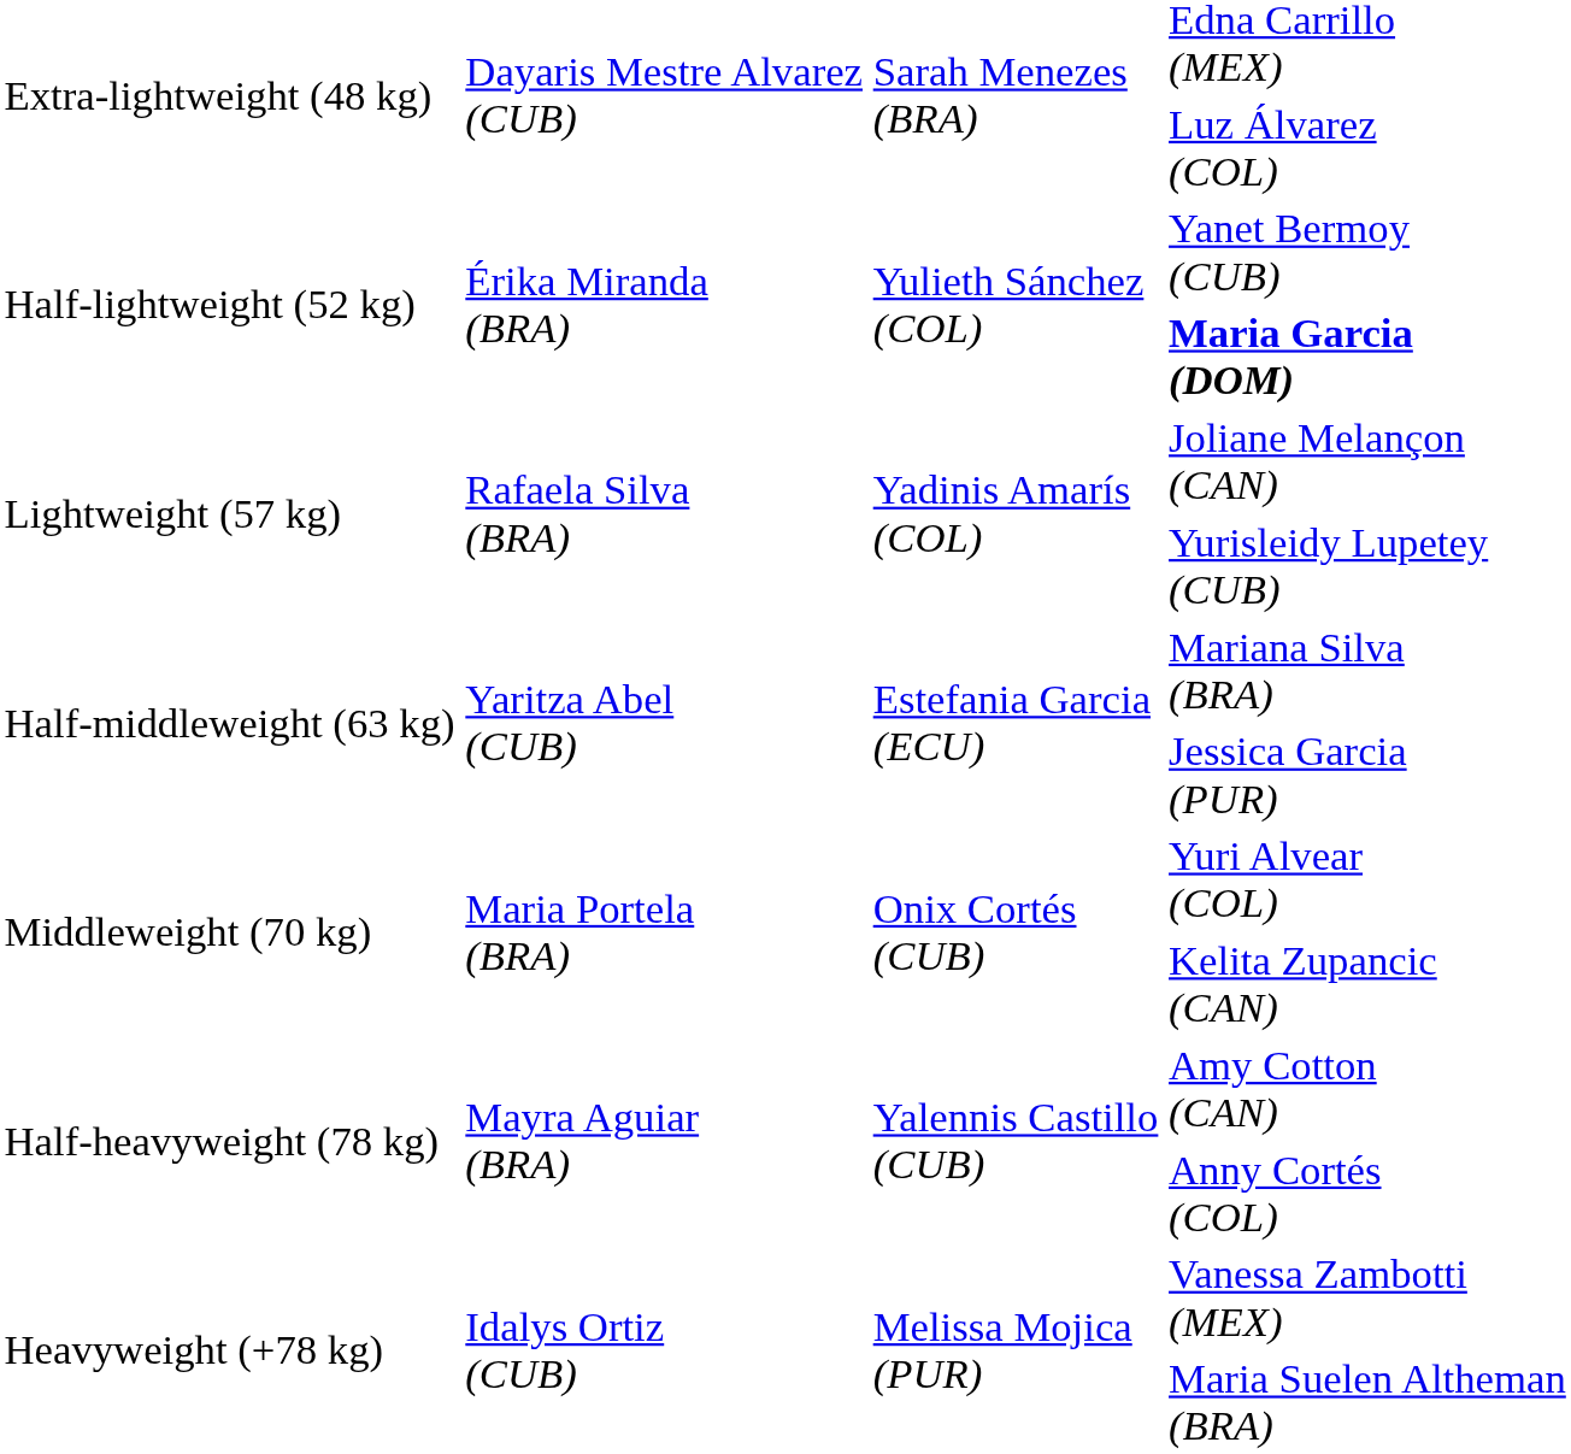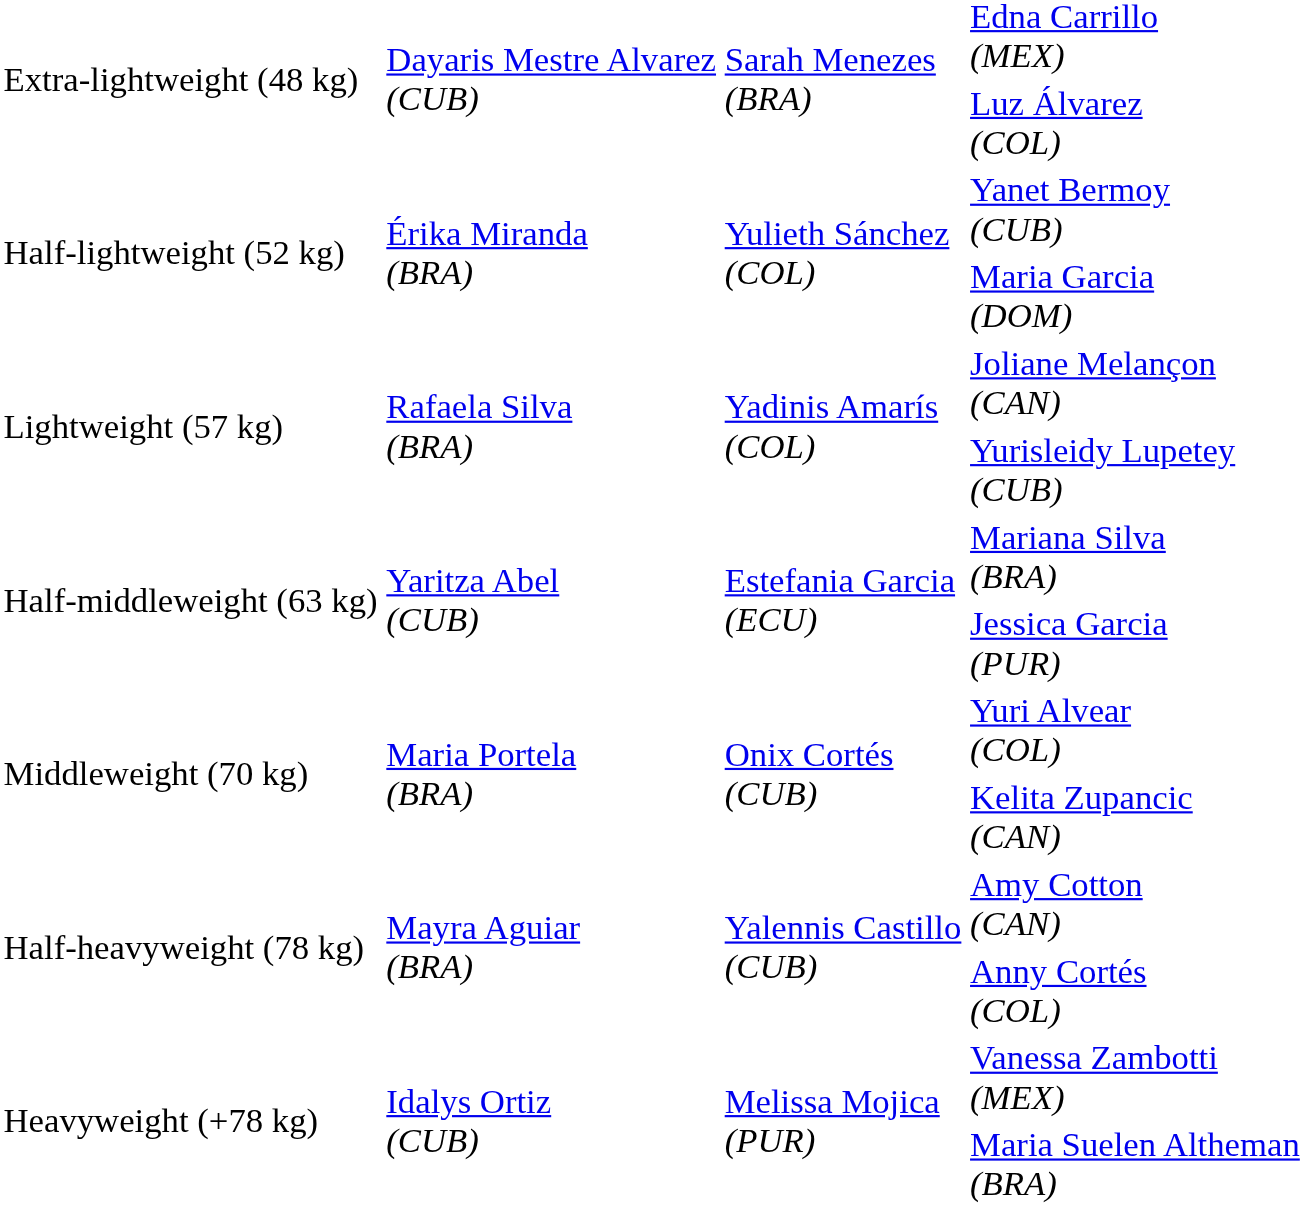 <table>
 <tr>
 <td rowspan=2>Extra-lightweight (48 kg)</td>
 <td rowspan=2><a href='#'>Dayaris Mestre Alvarez</a><br> <em> (CUB)</em></td>
 <td rowspan=2><a href='#'>Sarah Menezes</a> <br> <em> (BRA)</em></td>
 <td><a href='#'>Edna Carrillo</a> <br> <em> (MEX)</em></td>
 </tr>
 <tr>
 <td><a href='#'>Luz Álvarez</a> <br> <em> (COL)</em></td>
 </tr>
 <tr>
 <td rowspan=2>Half-lightweight (52 kg)</td>
 <td rowspan=2><a href='#'>Érika Miranda</a><br> <em> (BRA)</em></td>
 <td rowspan=2><a href='#'>Yulieth Sánchez</a> <br> <em> (COL)</em></td>
 <td><a href='#'>Yanet Bermoy</a> <br> <em> (CUB)</em></td>
 </tr>
 <tr>
-<td><strong><a href='#'>Maria Garcia</a> <br> <em> (DOM)</em></strong></td>
+<td><a href='#'>Maria Garcia</a> <br> <em> (DOM)</em></td>
 </tr>
 <tr>
 <td rowspan=2>Lightweight (57 kg)</td>
 <td rowspan=2><a href='#'>Rafaela Silva</a><br> <em> (BRA)</em></td>
 <td rowspan=2><a href='#'>Yadinis Amarís</a> <br> <em> (COL)</em></td>
 <td><a href='#'>Joliane Melançon</a> <br> <em> (CAN)</em></td>
 </tr>
 <tr>
 <td><a href='#'>Yurisleidy Lupetey</a> <br> <em> (CUB)</em></td>
 </tr>
 <tr>
 <td rowspan=2>Half-middleweight (63 kg)</td>
 <td rowspan=2><a href='#'>Yaritza Abel</a><br> <em> (CUB)</em></td>
 <td rowspan=2><a href='#'>Estefania Garcia</a> <br> <em> (ECU)</em></td>
 <td><a href='#'>Mariana Silva</a> <br> <em> (BRA)</em></td>
 </tr>
 <tr>
 <td><a href='#'>Jessica Garcia</a> <br> <em> (PUR)</em></td>
 </tr>
 <tr>
 <td rowspan=2>Middleweight (70 kg)</td>
 <td rowspan=2><a href='#'>Maria Portela</a><br> <em> (BRA)</em></td>
 <td rowspan=2><a href='#'>Onix Cortés</a> <br> <em> (CUB)</em></td>
 <td><a href='#'>Yuri Alvear</a> <br> <em> (COL)</em></td>
 </tr>
 <tr>
 <td><a href='#'>Kelita Zupancic</a> <br> <em> (CAN)</em></td>
 </tr>
 <tr>
 <td rowspan=2>Half-heavyweight (78 kg)</td>
 <td rowspan=2><a href='#'>Mayra Aguiar</a><br> <em> (BRA)</em></td>
 <td rowspan=2><a href='#'>Yalennis Castillo</a> <br> <em> (CUB)</em></td>
 <td><a href='#'>Amy Cotton</a> <br> <em> (CAN)</em></td>
 </tr>
 <tr>
 <td><a href='#'>Anny Cortés</a> <br> <em> (COL)</em></td>
 </tr>
 <tr>
 <td rowspan=2>Heavyweight (+78 kg)</td>
 <td rowspan=2><a href='#'>Idalys Ortiz</a><br> <em> (CUB)</em></td>
 <td rowspan=2><a href='#'>Melissa Mojica</a> <br> <em> (PUR)</em></td>
 <td><a href='#'>Vanessa Zambotti</a> <br> <em> (MEX)</em></td>
 </tr>
 <tr>
 <td><a href='#'>Maria Suelen Altheman</a> <br> <em> (BRA)</em></td>
 </tr>
 <tr>
 </tr>
 </table>
